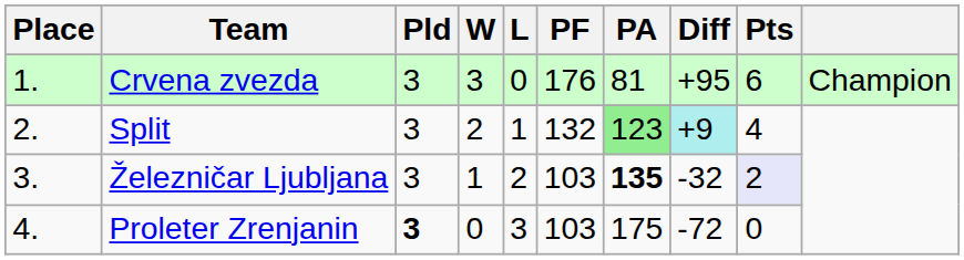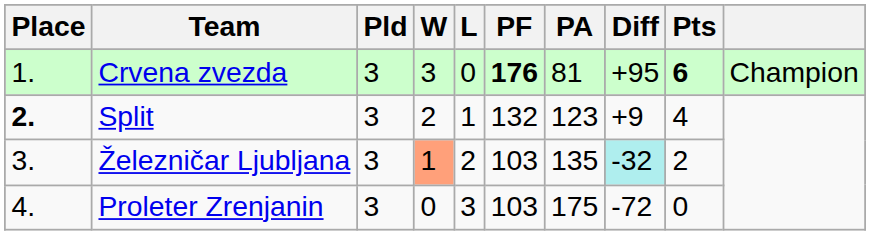 <table class="wikitable">
 <tr>
 <th>Place</th>
 <th>Team</th>
 <th>Pld</th>
 <th>W</th>
 <th>L</th>
 <th>PF</th>
 <th>PA</th>
 <th>Diff</th>
 <th>Pts</th>
 <th></th>
 </tr>
 <tr bgcolor=#ccffcc>
 <td>1.</td>
 <td><a href='#'>Crvena zvezda</a></td>
 <td>3</td>
 <td>3</td>
 <td>0</td>
-<td>176</td>
+<td><strong>176</strong></td>
 <td>81</td>
 <td>+95</td>
-<td>6</td>
+<td><strong>6</strong></td>
 <td rowspan="1">Champion</td>
 </tr>
 <tr>
-<td>2.</td>
+<td><strong>2.</strong></td>
 <td><a href='#'>Split</a></td>
 <td>3</td>
 <td>2</td>
 <td>1</td>
 <td>132</td>
-<td style="background: lightgreen;">123</td>
-<td style="background: paleturquoise;">+9</td>
+<td>123</td>
+<td>+9</td>
 <td>4</td>
 <td rowspan="5"></td>
 </tr>
 <tr>
 <td>3.</td>
 <td><a href='#'>Železničar Ljubljana</a></td>
 <td>3</td>
-<td>1</td>
+<td style="background: lightsalmon;">1</td>
 <td>2</td>
 <td>103</td>
-<td><strong>135</strong></td>
-<td>-32</td>
-<td style="background: lavender;">2</td>
+<td>135</td>
+<td style="background: paleturquoise;">-32</td>
+<td>2</td>
 </tr>
 <tr>
 <td>4.</td>
 <td><a href='#'>Proleter Zrenjanin</a></td>
-<td><strong>3</strong></td>
+<td>3</td>
 <td>0</td>
 <td>3</td>
 <td>103</td>
 <td>175</td>
 <td>-72</td>
 <td>0</td>
 </tr>
 </table>
